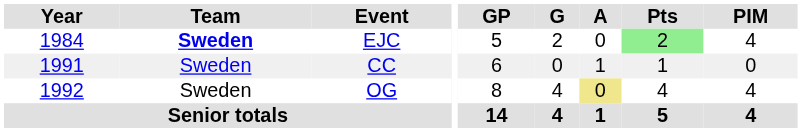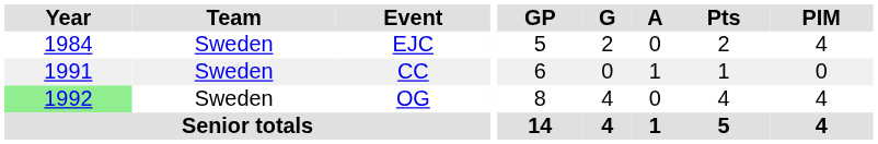 <table border="0" cellpadding="1" cellspacing="0" ID="Table3" style="text-align:center; width:40em">
 <tr ALIGN="center" bgcolor="#e0e0e0">
 <th>Year</th>
 <th>Team</th>
 <th>Event</th>
 <th rowspan="99" bgcolor="#ffffff"></th>
 <th>GP</th>
 <th>G</th>
 <th>A</th>
 <th>Pts</th>
 <th>PIM</th>
 </tr>
 <tr>
 <td><a href='#'>1984</a></td>
-<td><strong><a href='#'>Sweden</a></strong></td>
+<td><a href='#'>Sweden</a></td>
 <td><a href='#'>EJC</a></td>
 <td>5</td>
 <td>2</td>
 <td>0</td>
-<td style="background: lightgreen;">2</td>
+<td>2</td>
 <td>4</td>
 </tr>
 <tr bgcolor="#f0f0f0">
 <td><a href='#'>1991</a></td>
 <td><a href='#'>Sweden</a></td>
 <td><a href='#'>CC</a></td>
 <td>6</td>
 <td>0</td>
 <td>1</td>
 <td>1</td>
 <td>0</td>
 </tr>
 <tr>
-<td><a href='#'>1992</a></td>
+<td style="background: lightgreen;"><a href='#'>1992</a></td>
 <td>Sweden</td>
 <td><a href='#'>OG</a></td>
 <td>8</td>
 <td>4</td>
-<td style="background: khaki;">0</td>
+<td>0</td>
 <td>4</td>
 <td>4</td>
 </tr>
 <tr bgcolor="#e0e0e0">
 <th colspan="3">Senior totals</th>
 <th>14</th>
 <th>4</th>
 <th>1</th>
 <th>5</th>
 <th>4</th>
 </tr>
 </table>
